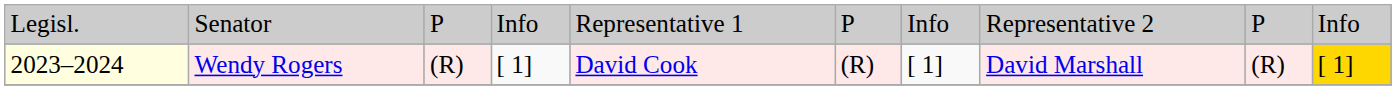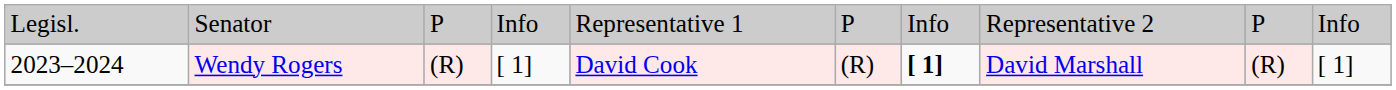 <table class=wikitable width="100%" border="1">
 <tr style="background-color:#cccccc;">
 <td>Legisl.</td>
 <td>Senator</td>
 <td>P</td>
 <td>Info</td>
 <td>Representative 1</td>
 <td>P</td>
 <td>Info</td>
 <td>Representative 2</td>
 <td>P</td>
 <td>Info</td>
 </tr>
 <tr>
-<td style="background: lightyellow;">2023–2024</td>
+<td>2023–2024</td>
 <td style="background:#FFE8E8"><a href='#'>Wendy Rogers</a></td>
 <td style="background:#FFE8E8">(R)</td>
 <td>[ 1]</td>
 <td style="background:#FFE8E8"><a href='#'>David Cook</a></td>
 <td style="background:#FFE8E8">(R)</td>
-<td>[ 1]</td>
+<td><strong>[ 1]</strong></td>
 <td style="background:#FFE8E8"><a href='#'>David Marshall</a></td>
 <td style="background:#FFE8E8">(R)</td>
-<td style="background: gold;">[ 1]</td>
+<td>[ 1]</td>
 </tr>
 <tr>
 </tr>
 </table>
